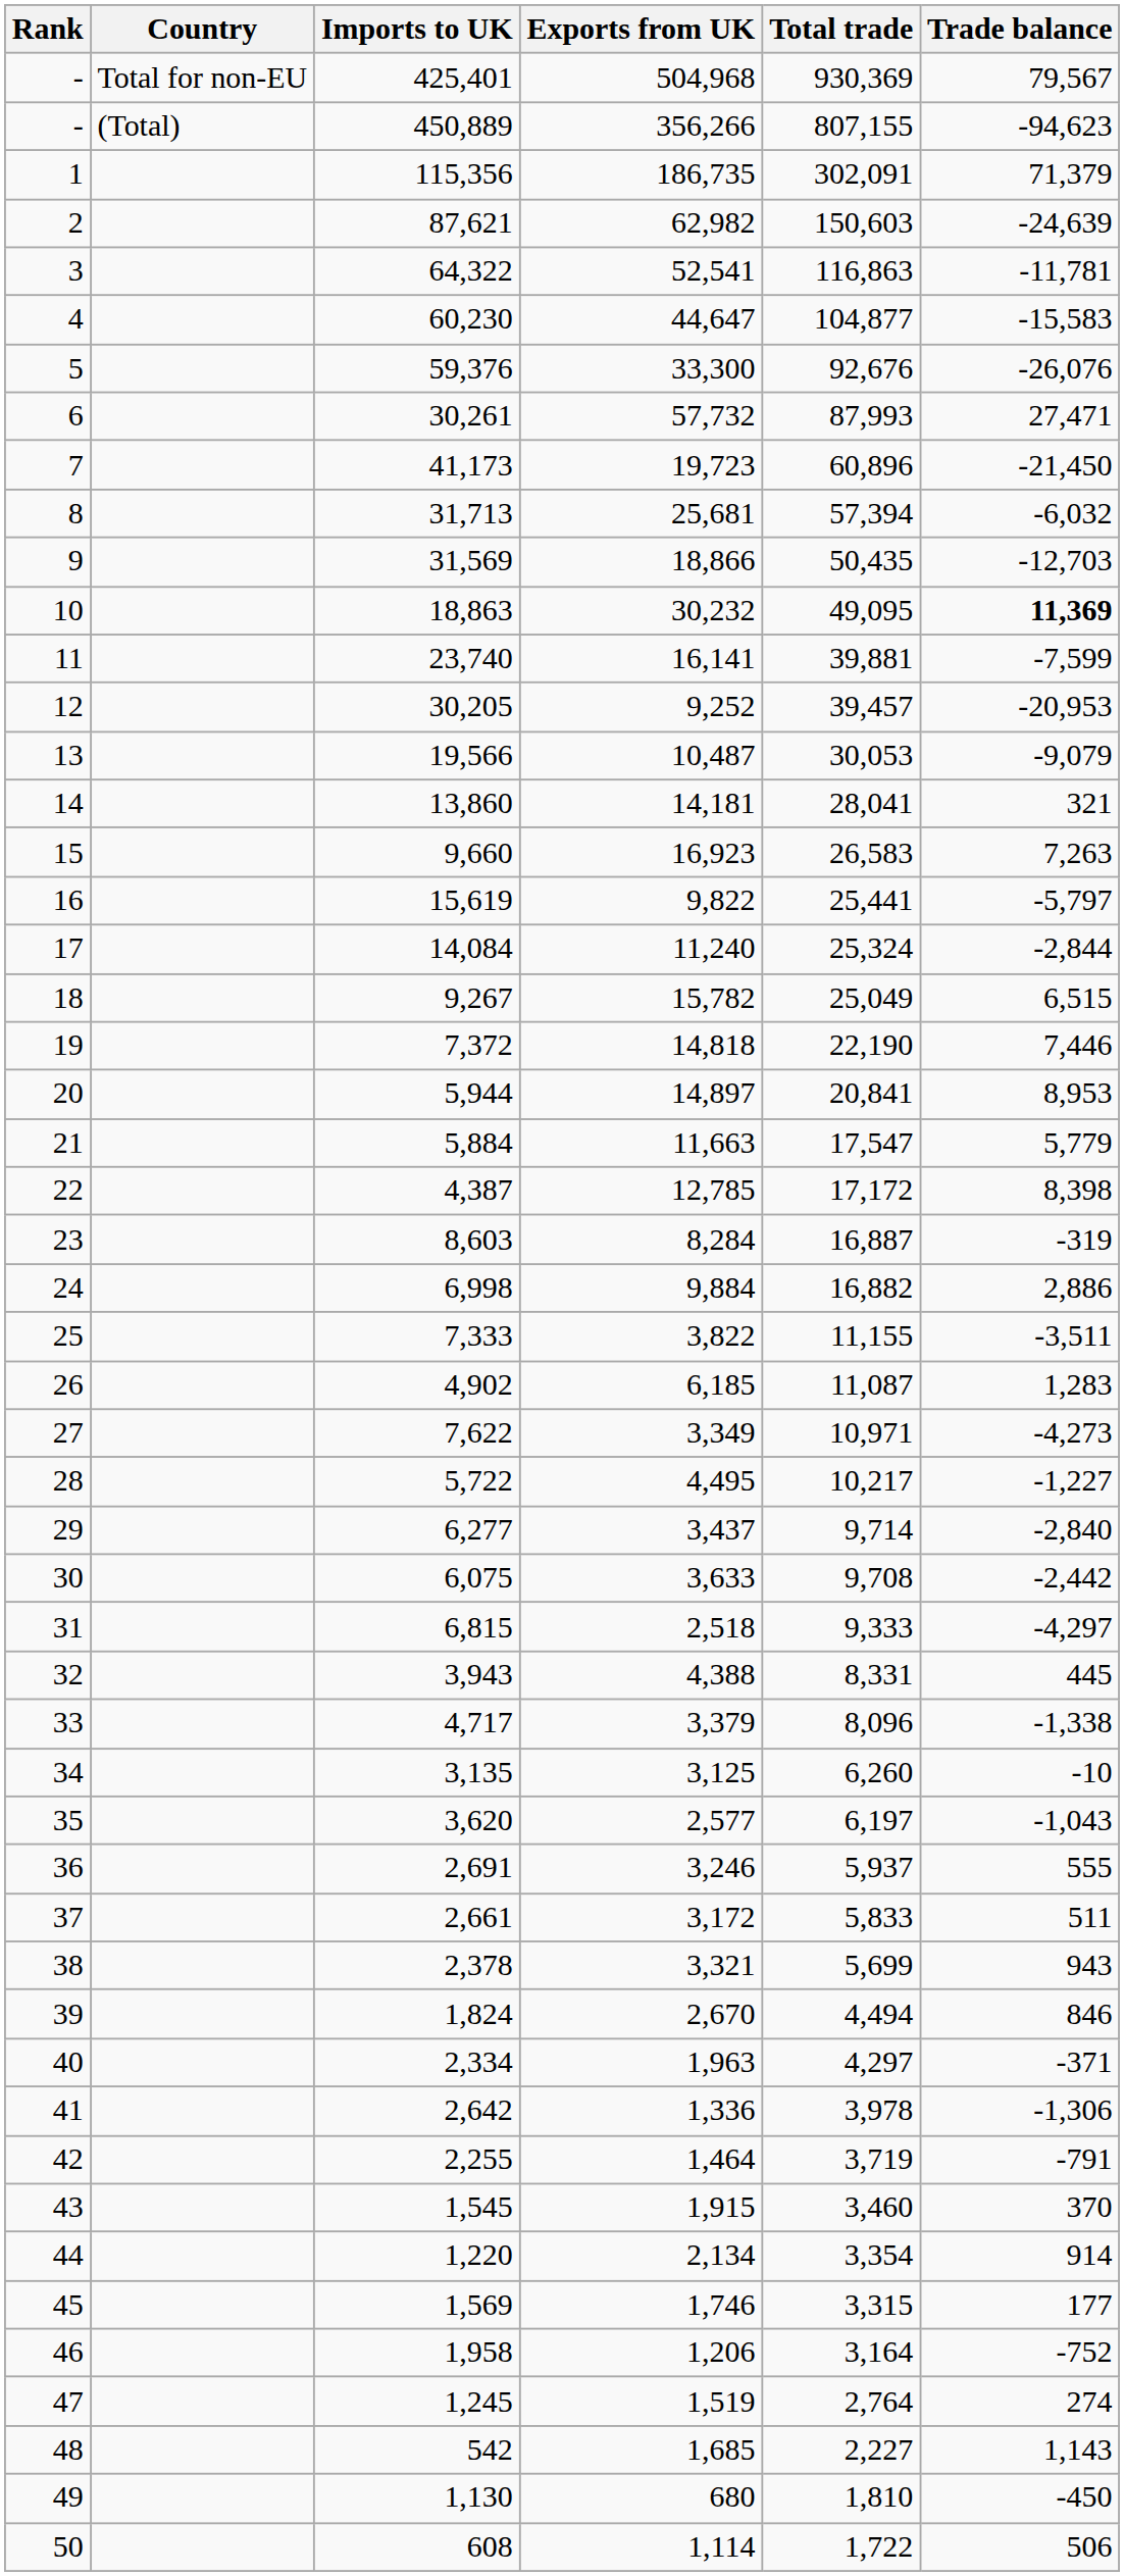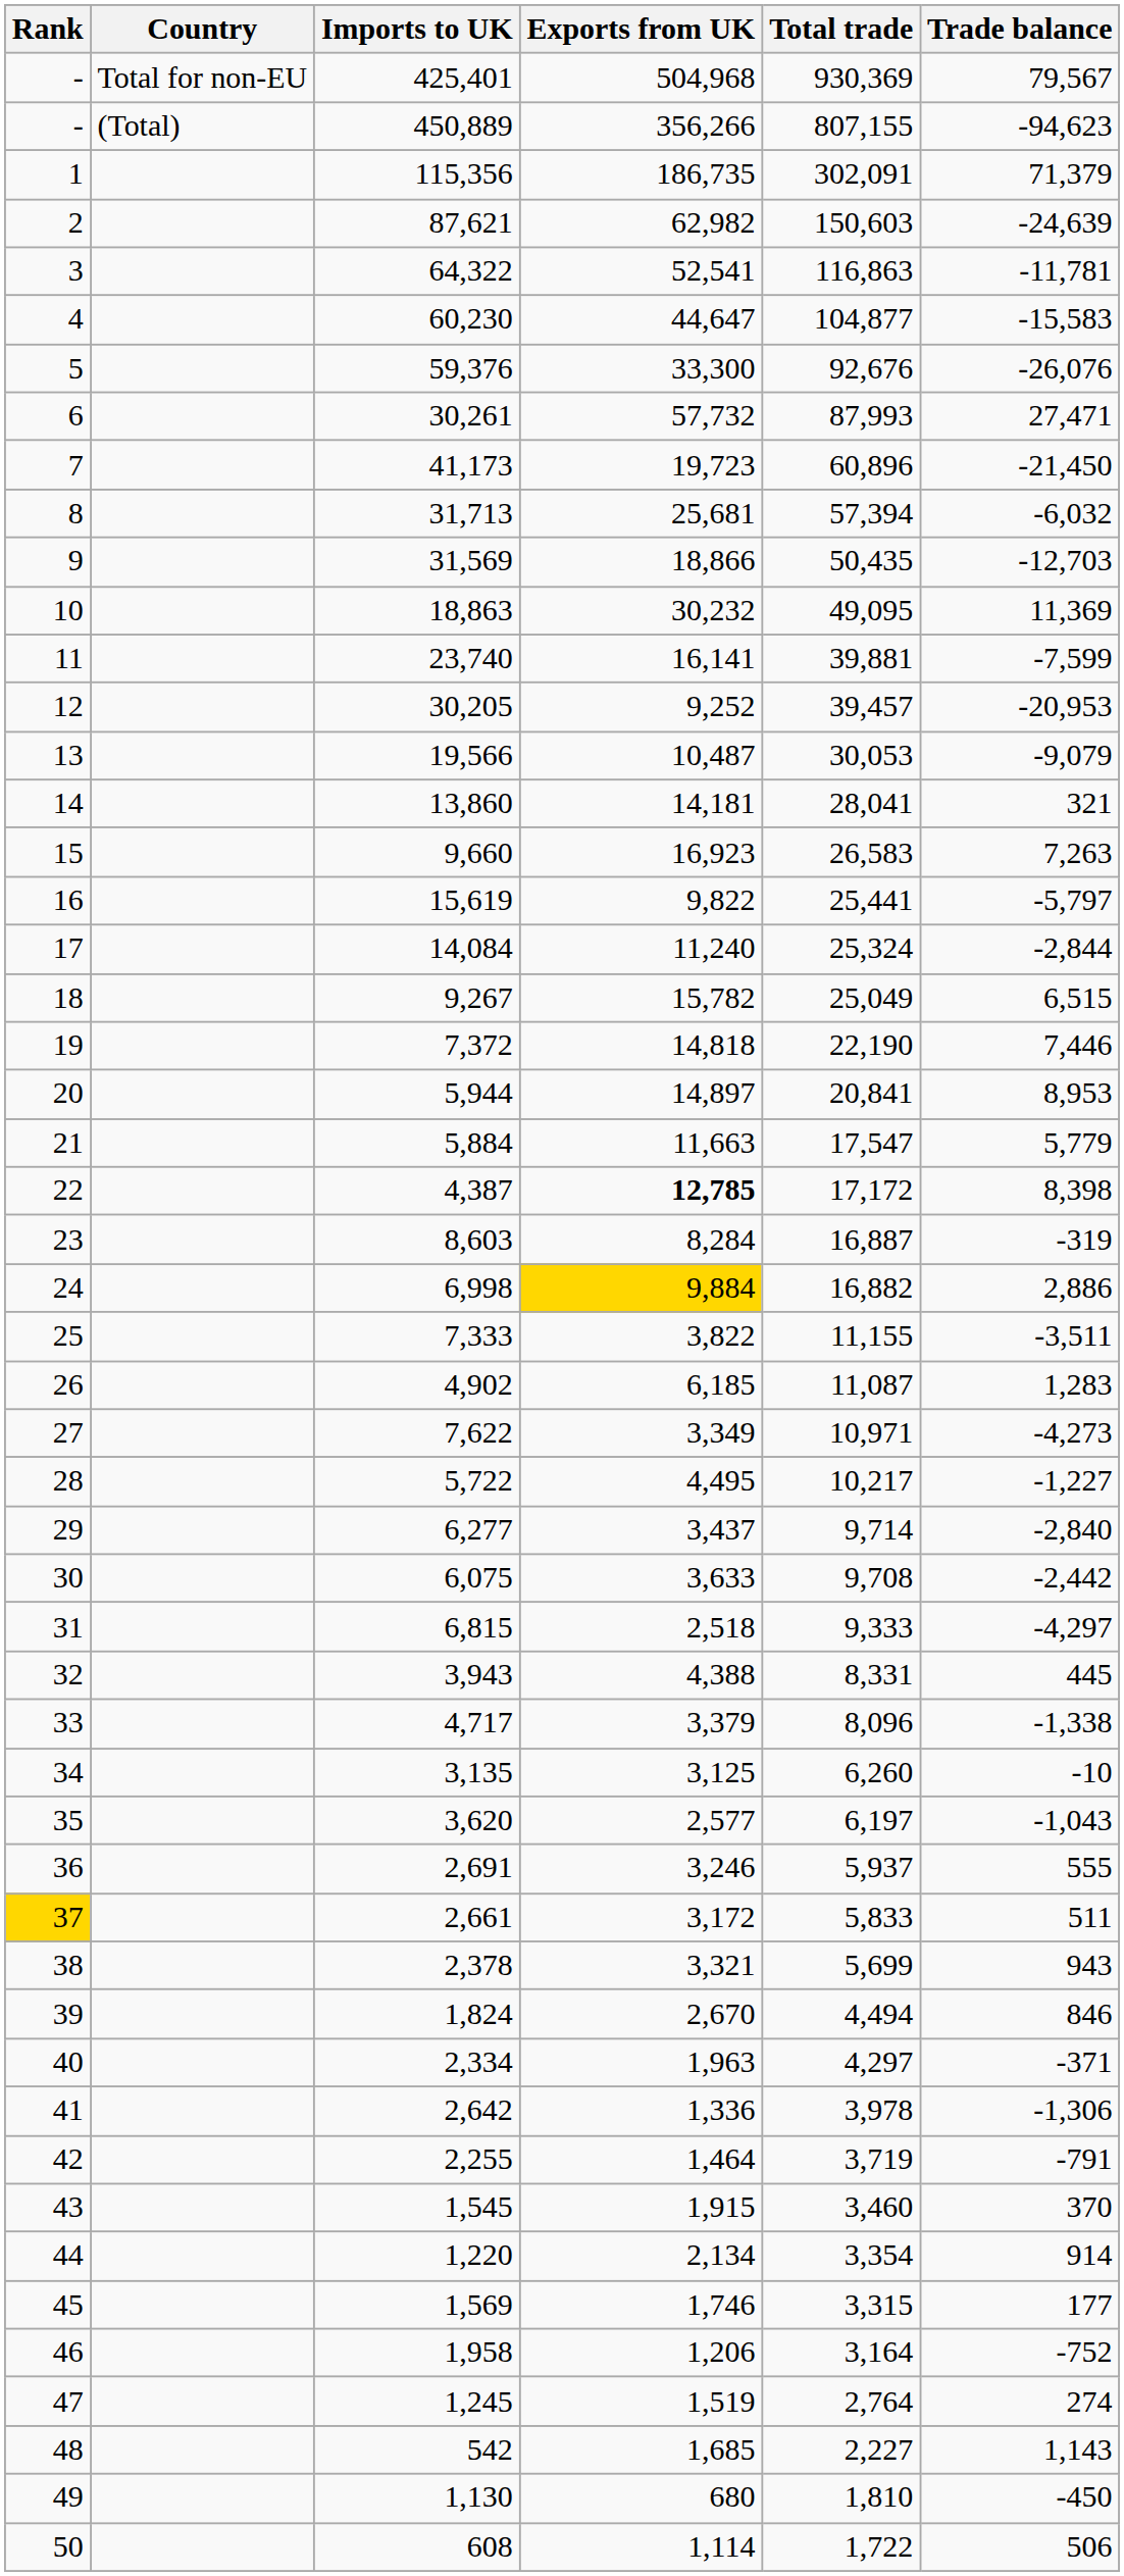 <table class="wikitable sortable" style="text-align:right;">
 <tr style="text-align:center">
 <th>Rank</th>
 <th>Country</th>
 <th>Imports to UK</th>
 <th>Exports from UK</th>
 <th>Total trade</th>
 <th>Trade balance</th>
 </tr>
 <tr>
 <td>-</td>
 <td align="left">Total for non-EU</td>
 <td align="right">425,401</td>
 <td align="right">504,968</td>
 <td align="right">930,369</td>
 <td align="right">79,567</td>
 </tr>
 <tr>
 <td>-</td>
 <td align="left"> (Total)</td>
 <td align="right">450,889</td>
 <td align="right">356,266</td>
 <td align="right">807,155</td>
 <td align="right">-94,623</td>
 </tr>
 <tr>
 <td align="right">1</td>
 <td align="left"></td>
 <td align="right">115,356</td>
 <td align="right">186,735</td>
 <td align="right">302,091</td>
 <td align="right">71,379</td>
 </tr>
 <tr>
 <td align="right">2</td>
 <td align="left"></td>
 <td align="right">87,621</td>
 <td align="right">62,982</td>
 <td align="right">150,603</td>
 <td align="right">-24,639</td>
 </tr>
 <tr>
 <td align="right">3</td>
 <td align="left"></td>
 <td align="right">64,322</td>
 <td align="right">52,541</td>
 <td align="right">116,863</td>
 <td align="right">-11,781</td>
 </tr>
 <tr>
 <td align="right">4</td>
 <td align="left"></td>
 <td align="right">60,230</td>
 <td align="right">44,647</td>
 <td align="right">104,877</td>
 <td align="right">-15,583</td>
 </tr>
 <tr>
 <td align="right">5</td>
 <td align="left"></td>
 <td align="right">59,376</td>
 <td align="right">33,300</td>
 <td align="right">92,676</td>
 <td align="right">-26,076</td>
 </tr>
 <tr>
 <td align="right">6</td>
 <td align="left"></td>
 <td align="right">30,261</td>
 <td align="right">57,732</td>
 <td align="right">87,993</td>
 <td align="right">27,471</td>
 </tr>
 <tr>
 <td align="right">7</td>
 <td align="left"></td>
 <td align="right">41,173</td>
 <td align="right">19,723</td>
 <td align="right">60,896</td>
 <td align="right">-21,450</td>
 </tr>
 <tr>
 <td align="right">8</td>
 <td align="left"></td>
 <td align="right">31,713</td>
 <td align="right">25,681</td>
 <td align="right">57,394</td>
 <td align="right">-6,032</td>
 </tr>
 <tr>
 <td align="right">9</td>
 <td align="left"></td>
 <td align="right">31,569</td>
 <td align="right">18,866</td>
 <td align="right">50,435</td>
 <td align="right">-12,703</td>
 </tr>
 <tr>
 <td align="right">10</td>
 <td align="left"></td>
 <td align="right">18,863</td>
 <td align="right">30,232</td>
 <td align="right">49,095</td>
-<td align="right"><strong>11,369</strong></td>
+<td align="right">11,369</td>
 </tr>
 <tr>
 <td align="right">11</td>
 <td align="left"></td>
 <td align="right">23,740</td>
 <td align="right">16,141</td>
 <td align="right">39,881</td>
 <td align="right">-7,599</td>
 </tr>
 <tr>
 <td align="right">12</td>
 <td align="left"></td>
 <td align="right">30,205</td>
 <td align="right">9,252</td>
 <td align="right">39,457</td>
 <td align="right">-20,953</td>
 </tr>
 <tr>
 <td align="right">13</td>
 <td align="left"></td>
 <td align="right">19,566</td>
 <td align="right">10,487</td>
 <td align="right">30,053</td>
 <td align="right">-9,079</td>
 </tr>
 <tr>
 <td align="right">14</td>
 <td align="left"></td>
 <td align="right">13,860</td>
 <td align="right">14,181</td>
 <td align="right">28,041</td>
 <td align="right">321</td>
 </tr>
 <tr>
 <td align="right">15</td>
 <td align="left"></td>
 <td align="right">9,660</td>
 <td align="right">16,923</td>
 <td align="right">26,583</td>
 <td align="right">7,263</td>
 </tr>
 <tr>
 <td align="right">16</td>
 <td align="left"></td>
 <td align="right">15,619</td>
 <td align="right">9,822</td>
 <td align="right">25,441</td>
 <td align="right">-5,797</td>
 </tr>
 <tr>
 <td align="right">17</td>
 <td align="left"></td>
 <td align="right">14,084</td>
 <td align="right">11,240</td>
 <td align="right">25,324</td>
 <td align="right">-2,844</td>
 </tr>
 <tr>
 <td align="right">18</td>
 <td align="left"></td>
 <td align="right">9,267</td>
 <td align="right">15,782</td>
 <td align="right">25,049</td>
 <td align="right">6,515</td>
 </tr>
 <tr>
 <td align="right">19</td>
 <td align="left"></td>
 <td align="right">7,372</td>
 <td align="right">14,818</td>
 <td align="right">22,190</td>
 <td align="right">7,446</td>
 </tr>
 <tr>
 <td align="right">20</td>
 <td align="left"></td>
 <td align="right">5,944</td>
 <td align="right">14,897</td>
 <td align="right">20,841</td>
 <td align="right">8,953</td>
 </tr>
 <tr>
 <td align="right">21</td>
 <td align="left"></td>
 <td align="right">5,884</td>
 <td align="right">11,663</td>
 <td align="right">17,547</td>
 <td align="right">5,779</td>
 </tr>
 <tr>
 <td align="right">22</td>
 <td align="left"></td>
 <td align="right">4,387</td>
-<td align="right">12,785</td>
+<td align="right"><strong>12,785</strong></td>
 <td align="right">17,172</td>
 <td align="right">8,398</td>
 </tr>
 <tr>
 <td align="right">23</td>
 <td align="left"></td>
 <td align="right">8,603</td>
 <td align="right">8,284</td>
 <td align="right">16,887</td>
 <td align="right">-319</td>
 </tr>
 <tr>
 <td align="right">24</td>
 <td align="left"></td>
 <td align="right">6,998</td>
-<td align="right">9,884</td>
+<td align="right" style="background: gold;">9,884</td>
 <td align="right">16,882</td>
 <td align="right">2,886</td>
 </tr>
 <tr>
 <td align="right">25</td>
 <td align="left"></td>
 <td align="right">7,333</td>
 <td align="right">3,822</td>
 <td align="right">11,155</td>
 <td align="right">-3,511</td>
 </tr>
 <tr>
 <td align="right">26</td>
 <td align="left"></td>
 <td align="right">4,902</td>
 <td align="right">6,185</td>
 <td align="right">11,087</td>
 <td align="right">1,283</td>
 </tr>
 <tr>
 <td align="right">27</td>
 <td align="left"></td>
 <td align="right">7,622</td>
 <td align="right">3,349</td>
 <td align="right">10,971</td>
 <td align="right">-4,273</td>
 </tr>
 <tr>
 <td align="right">28</td>
 <td align="left"></td>
 <td align="right">5,722</td>
 <td align="right">4,495</td>
 <td align="right">10,217</td>
 <td align="right">-1,227</td>
 </tr>
 <tr>
 <td align="right">29</td>
 <td align="left"></td>
 <td align="right">6,277</td>
 <td align="right">3,437</td>
 <td align="right">9,714</td>
 <td align="right">-2,840</td>
 </tr>
 <tr>
 <td align="right">30</td>
 <td align="left"></td>
 <td align="right">6,075</td>
 <td align="right">3,633</td>
 <td align="right">9,708</td>
 <td align="right">-2,442</td>
 </tr>
 <tr>
 <td align="right">31</td>
 <td align="left"></td>
 <td align="right">6,815</td>
 <td align="right">2,518</td>
 <td align="right">9,333</td>
 <td align="right">-4,297</td>
 </tr>
 <tr>
 <td align="right">32</td>
 <td align="left"></td>
 <td align="right">3,943</td>
 <td align="right">4,388</td>
 <td align="right">8,331</td>
 <td align="right">445</td>
 </tr>
 <tr>
 <td align="right">33</td>
 <td align="left"></td>
 <td align="right">4,717</td>
 <td align="right">3,379</td>
 <td align="right">8,096</td>
 <td align="right">-1,338</td>
 </tr>
 <tr>
 <td align="right">34</td>
 <td align="left"></td>
 <td align="right">3,135</td>
 <td align="right">3,125</td>
 <td align="right">6,260</td>
 <td align="right">-10</td>
 </tr>
 <tr>
 <td align="right">35</td>
 <td align="left"></td>
 <td align="right">3,620</td>
 <td align="right">2,577</td>
 <td align="right">6,197</td>
 <td align="right">-1,043</td>
 </tr>
 <tr>
 <td align="right">36</td>
 <td align="left"></td>
 <td align="right">2,691</td>
 <td align="right">3,246</td>
 <td align="right">5,937</td>
 <td align="right">555</td>
 </tr>
 <tr>
-<td align="right">37</td>
+<td align="right" style="background: gold;">37</td>
 <td align="left"></td>
 <td align="right">2,661</td>
 <td align="right">3,172</td>
 <td align="right">5,833</td>
 <td align="right">511</td>
 </tr>
 <tr>
 <td align="right">38</td>
 <td align="left"></td>
 <td align="right">2,378</td>
 <td align="right">3,321</td>
 <td align="right">5,699</td>
 <td align="right">943</td>
 </tr>
 <tr>
 <td align="right">39</td>
 <td align="left"></td>
 <td align="right">1,824</td>
 <td align="right">2,670</td>
 <td align="right">4,494</td>
 <td align="right">846</td>
 </tr>
 <tr>
 <td align="right">40</td>
 <td align="left"></td>
 <td align="right">2,334</td>
 <td align="right">1,963</td>
 <td align="right">4,297</td>
 <td align="right">-371</td>
 </tr>
 <tr>
 <td align="right">41</td>
 <td align="left"></td>
 <td align="right">2,642</td>
 <td align="right">1,336</td>
 <td align="right">3,978</td>
 <td align="right">-1,306</td>
 </tr>
 <tr>
 <td align="right">42</td>
 <td align="left"></td>
 <td align="right">2,255</td>
 <td align="right">1,464</td>
 <td align="right">3,719</td>
 <td align="right">-791</td>
 </tr>
 <tr>
 <td align="right">43</td>
 <td align="left"></td>
 <td align="right">1,545</td>
 <td align="right">1,915</td>
 <td align="right">3,460</td>
 <td align="right">370</td>
 </tr>
 <tr>
 <td align="right">44</td>
 <td align="left"></td>
 <td align="right">1,220</td>
 <td align="right">2,134</td>
 <td align="right">3,354</td>
 <td align="right">914</td>
 </tr>
 <tr>
 <td align="right">45</td>
 <td align="left"></td>
 <td align="right">1,569</td>
 <td align="right">1,746</td>
 <td align="right">3,315</td>
 <td align="right">177</td>
 </tr>
 <tr>
 <td align="right">46</td>
 <td align="left"></td>
 <td align="right">1,958</td>
 <td align="right">1,206</td>
 <td align="right">3,164</td>
 <td align="right">-752</td>
 </tr>
 <tr>
 <td align="right">47</td>
 <td align="left"></td>
 <td align="right">1,245</td>
 <td align="right">1,519</td>
 <td align="right">2,764</td>
 <td align="right">274</td>
 </tr>
 <tr>
 <td align="right">48</td>
 <td align="left"></td>
 <td align="right">542</td>
 <td align="right">1,685</td>
 <td align="right">2,227</td>
 <td align="right">1,143</td>
 </tr>
 <tr>
 <td align="right">49</td>
 <td align="left"></td>
 <td align="right">1,130</td>
 <td align="right">680</td>
 <td align="right">1,810</td>
 <td align="right">-450</td>
 </tr>
 <tr>
 <td align="right">50</td>
 <td align="left"></td>
 <td align="right">608</td>
 <td align="right">1,114</td>
 <td align="right">1,722</td>
 <td align="right">506</td>
 </tr>
 </table>
